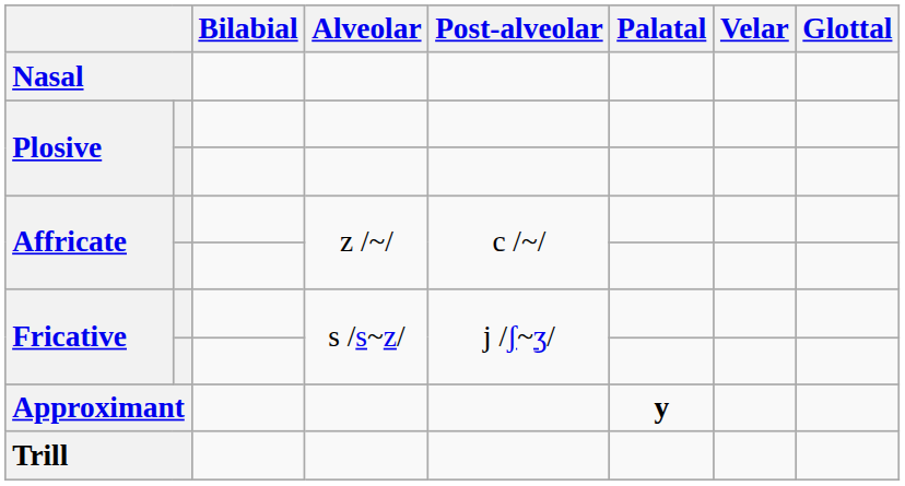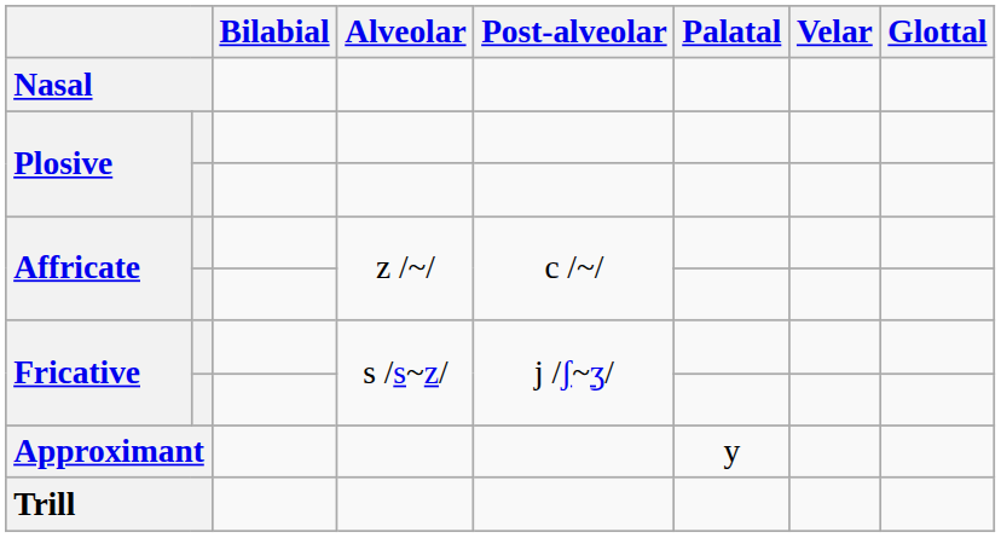 <table class="wikitable" style="text-align:center">
 <tr>
 <th colspan="2"></th>
 <th><a href='#'>Bilabial</a></th>
 <th><a href='#'>Alveolar</a></th>
 <th><a href='#'>Post-alveolar</a></th>
 <th><a href='#'>Palatal</a></th>
 <th><a href='#'>Velar</a></th>
 <th><a href='#'>Glottal</a></th>
 </tr>
 <tr style="text-align:center;">
 <th colspan="2" style="text-align:left;"><a href='#'>Nasal</a></th>
 <td></td>
 <td></td>
 <td> </td>
 <td> </td>
 <td> </td>
 <td> </td>
 </tr>
 <tr style="text-align:center;">
 <th rowspan="2" style="text-align:left;"><a href='#'>Plosive</a></th>
 <th></th>
 <td></td>
 <td></td>
 <td> </td>
 <td> </td>
 <td></td>
 <td> </td>
 </tr>
 <tr style="text-align:center;">
 <th></th>
 <td></td>
 <td></td>
 <td> </td>
 <td> </td>
 <td></td>
 <td> </td>
 </tr>
 <tr style="text-align:center;">
 <th rowspan="2" style="text-align:left;"><a href='#'>Affricate</a></th>
 <th></th>
 <td> </td>
 <td rowspan="2">z /~/</td>
 <td rowspan="2">c /~/</td>
 <td> </td>
 <td> </td>
 <td> </td>
 </tr>
 <tr>
 <th></th>
 <td> </td>
 <td> </td>
 <td> </td>
 <td> </td>
 </tr>
 <tr style="text-align:center;">
 <th rowspan="2" style="text-align:left;"><a href='#'>Fricative</a></th>
 <th></th>
 <td></td>
 <td rowspan="2">s /<a href='#'>s</a>~<a href='#'>z</a>/</td>
 <td rowspan="2">j /<a href='#'>ʃ</a>~<a href='#'>ʒ</a>/</td>
 <td> </td>
 <td> </td>
 <td> </td>
 </tr>
 <tr style="text-align:center;">
 <th></th>
 <td></td>
 <td> </td>
 <td> </td>
 <td></td>
 </tr>
 <tr style="text-align:center;">
 <th colspan="2" style="text-align:left;"><a href='#'>Approximant</a></th>
 <td></td>
 <td></td>
 <td> </td>
-<td><strong>y </strong></td>
+<td>y </td>
 <td> </td>
 <td> </td>
 </tr>
 <tr style="text-align:center;">
 <th colspan="2" style="text-align:left;">Trill</th>
 <td> </td>
 <td></td>
 <td> </td>
 <td> </td>
 <td> </td>
 <td> </td>
 </tr>
 </table>
